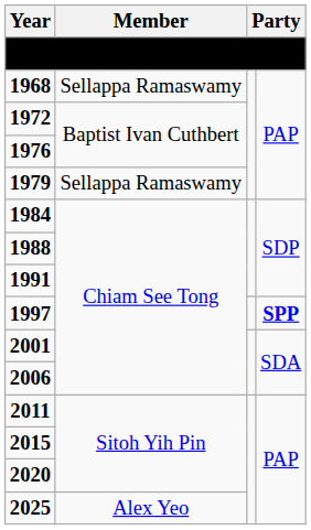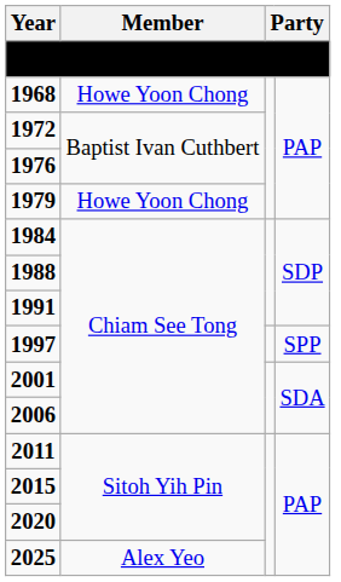 <table class="wikitable" align="center" style="text-align:center">
 <tr>
 <th>Year</th>
 <th>Member</th>
 <th colspan="2">Party</th>
 </tr>
 <tr>
 <td colspan=4 bgcolor=black><span><strong>Formation</strong></span></td>
 </tr>
 <tr>
 <td><strong>1968</strong></td>
-<td>Sellappa Ramaswamy</td>
+<td><a href='#'>Howe Yoon Chong</a></td>
 <td rowspan="4"></td>
 <td rowspan="4"><a href='#'>PAP</a></td>
 </tr>
 <tr>
 <td><strong>1972</strong></td>
 <td rowspan="2">Baptist Ivan Cuthbert</td>
 </tr>
 <tr>
 <td><strong>1976</strong></td>
 </tr>
 <tr>
 <td><strong>1979</strong></td>
-<td>Sellappa Ramaswamy</td>
+<td><a href='#'>Howe Yoon Chong</a></td>
 </tr>
 <tr>
 <td><strong>1984</strong></td>
 <td rowspan="6"><a href='#'>Chiam See Tong</a></td>
 <td rowspan="3"></td>
 <td rowspan="3"><a href='#'>SDP</a></td>
 </tr>
 <tr>
 <td><strong>1988</strong></td>
 </tr>
 <tr>
 <td><strong>1991</strong></td>
 </tr>
 <tr>
 <td><strong>1997</strong></td>
 <td></td>
-<td><strong><a href='#'>SPP</a></strong></td>
+<td><a href='#'>SPP</a></td>
 </tr>
 <tr>
 <td><strong>2001</strong></td>
 <td rowspan="2" bgcolor=></td>
 <td rowspan="2"><a href='#'>SDA</a></td>
 </tr>
 <tr>
 <td><strong>2006</strong></td>
 </tr>
 <tr>
 <td><strong>2011</strong></td>
 <td rowspan="3"><a href='#'>Sitoh Yih Pin</a></td>
 <td rowspan="4"></td>
 <td rowspan="4"><a href='#'>PAP</a></td>
 </tr>
 <tr>
 <td><strong>2015</strong></td>
 </tr>
 <tr>
 <td><strong>2020</strong></td>
 </tr>
 <tr>
 <td><strong>2025</strong></td>
 <td rowspan="3"><a href='#'>Alex Yeo</a></td>
 </tr>
 </table>
